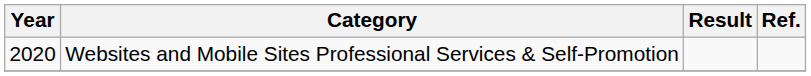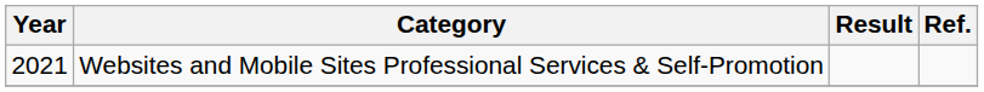 <table class="wikitable plainrowheaders" style="text-align:center;">
 <tr>
 <th>Year</th>
 <th>Category</th>
 <th>Result</th>
 <th>Ref.</th>
 </tr>
 <tr>
-<td>2020</td>
+<td>2021</td>
 <td>Websites and Mobile Sites Professional Services & Self-Promotion</td>
 <td></td>
 <td></td>
 </tr>
 <tr>
 </tr>
 </table>
